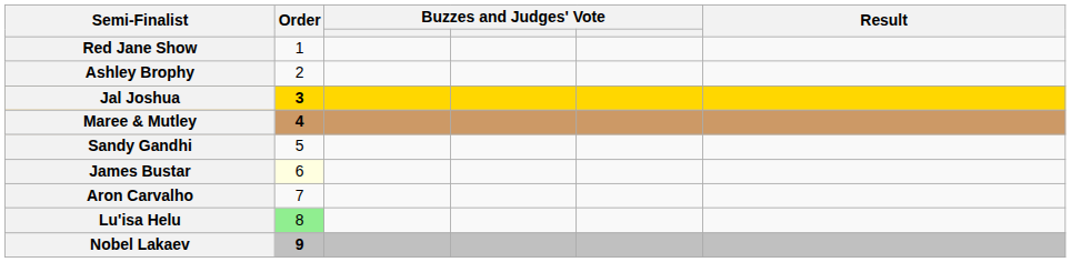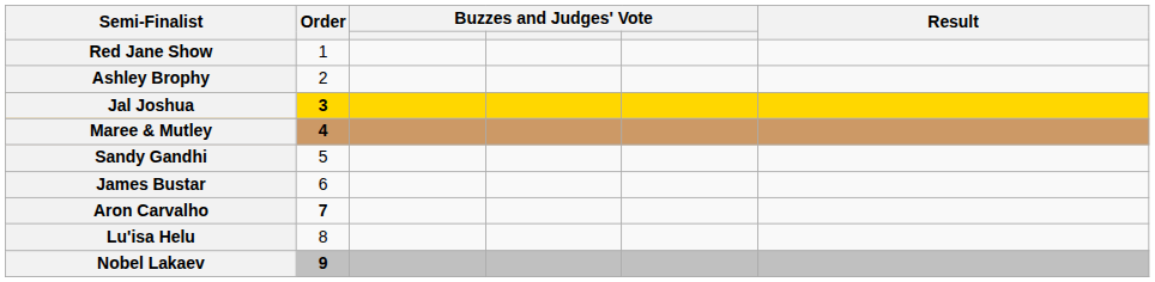 <table class="wikitable plainrowheaders sortable" style="text-align:center;">
 <tr>
 <th scope="col" rowspan=2 class="unsortable" style="width:17em;">Semi-Finalist</th>
 <th scope="col" rowspan=2 style="width:1em;">Order</th>
 <th scope="col" colspan=3 class="unsortable" style="width:24em;">Buzzes and Judges' Vote</th>
 <th scope="col" rowspan=2 style="width:23em;">Result</th>
 </tr>
 <tr>
 <th scope="col" class="unsortable" style="width:6em;"></th>
 <th scope="col" class="unsortable" style="width:6em;"></th>
 <th scope="col" class="unsortable" style="width:6em;"></th>
 </tr>
 <tr>
 <th scope="row">Red Jane Show</th>
 <td>1</td>
 <td style="text-align:center;"></td>
 <td style="text-align:center;"></td>
 <td style="text-align:center;"></td>
 <td></td>
 </tr>
 <tr>
 <th scope="row">Ashley Brophy</th>
 <td>2</td>
 <td style="text-align:center;"></td>
 <td style="text-align:center;"></td>
 <td style="text-align:center;"></td>
 <td></td>
 </tr>
 <tr bgcolor=gold>
 <th scope="row"><strong>Jal Joshua</strong></th>
 <td><strong>3</strong></td>
 <td style="text-align:center;"></td>
 <td style="text-align:center;"></td>
 <td style="text-align:center;"></td>
 <td><strong></strong></td>
 </tr>
 <tr bgcolor=#c96>
 <th scope="row"><strong>Maree & Mutley</strong></th>
 <td><strong>4</strong></td>
 <td style="text-align:center;"></td>
 <td style="text-align:center;"></td>
 <td style="text-align:center;"></td>
 <td><strong></strong></td>
 </tr>
 <tr>
 <th scope="row">Sandy Gandhi</th>
 <td>5</td>
 <td style="text-align:center;"></td>
 <td style="text-align:center;"></td>
 <td style="text-align:center;"></td>
 <td></td>
 </tr>
 <tr>
 <th scope="row">James Bustar</th>
-<td style="background: lightyellow;">6</td>
+<td>6</td>
 <td style="text-align:center;"></td>
 <td style="text-align:center;"></td>
 <td style="text-align:center;"></td>
 <td></td>
 </tr>
 <tr>
 <th scope="row">Aron Carvalho</th>
-<td>7</td>
+<td><strong>7</strong></td>
 <td style="text-align:center;"></td>
 <td style="text-align:center;"></td>
 <td style="text-align:center;"></td>
 <td></td>
 </tr>
 <tr>
 <th scope="row">Lu'isa Helu</th>
-<td style="background: lightgreen;">8</td>
+<td>8</td>
 <td style="text-align:center;"></td>
 <td style="text-align:center;"></td>
 <td style="text-align:center;"></td>
 <td></td>
 </tr>
 <tr bgcolor=silver>
 <th scope="row"><strong>Nobel Lakaev</strong></th>
 <td><strong>9</strong></td>
 <td style="text-align:center;"></td>
 <td style="text-align:center;"></td>
 <td style="text-align:center;"></td>
 <td><strong></strong></td>
 </tr>
 </table>
